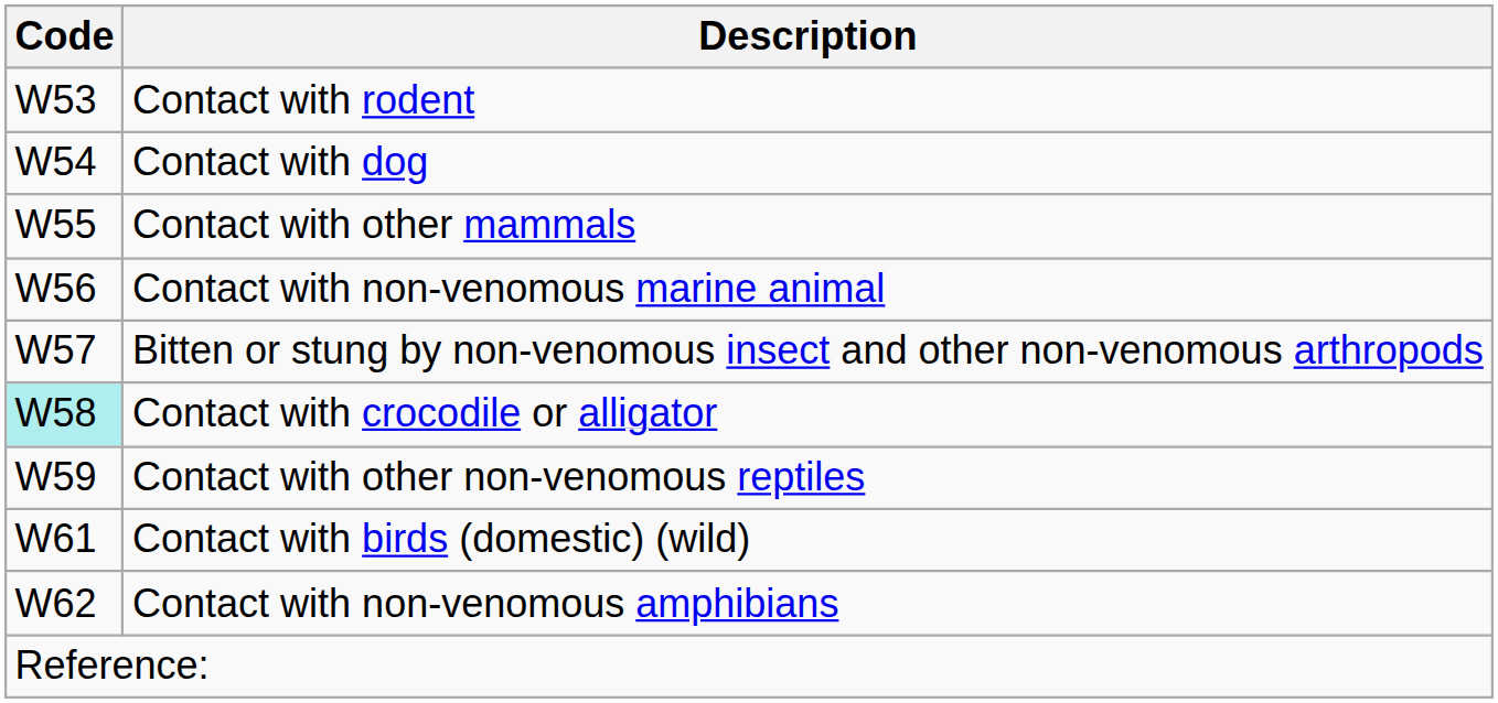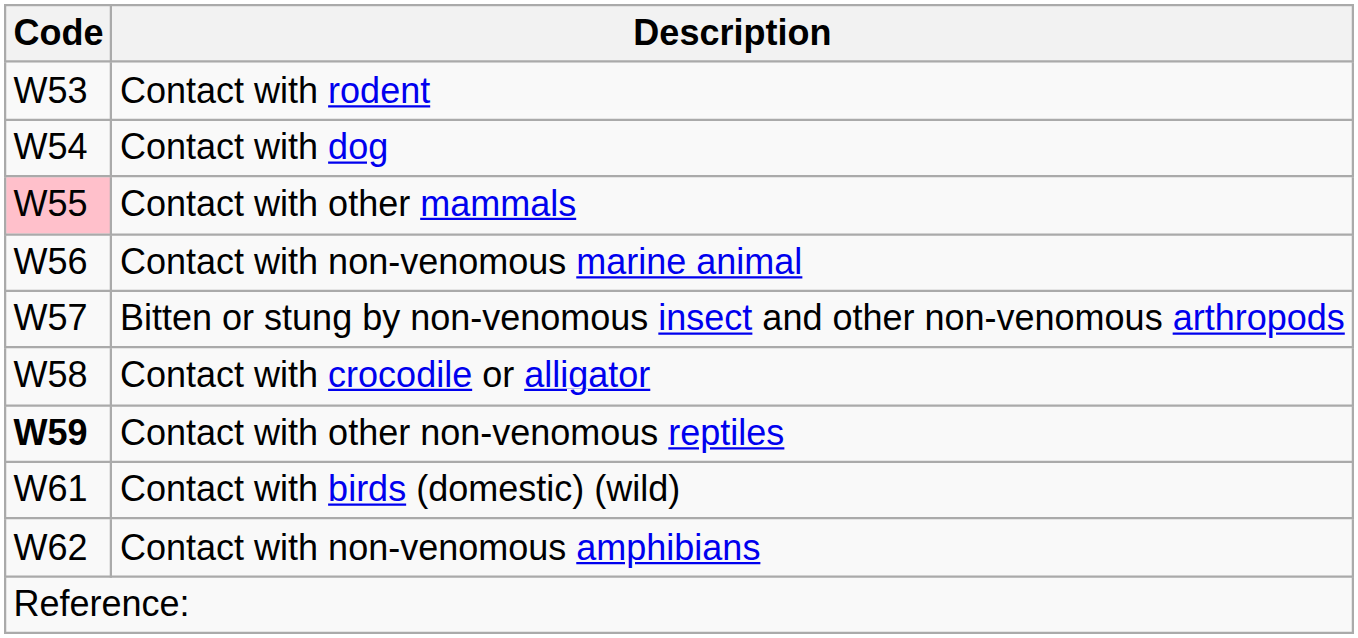 <table class="wikitable">
 <tr>
 <th>Code</th>
 <th>Description</th>
 </tr>
 <tr>
 <td>W53</td>
 <td>Contact with <a href='#'>rodent</a></td>
 </tr>
 <tr>
 <td>W54</td>
 <td>Contact with <a href='#'>dog</a></td>
 </tr>
 <tr>
-<td>W55</td>
+<td style="background: pink;">W55</td>
 <td>Contact with other <a href='#'>mammals</a></td>
 </tr>
 <tr>
 <td>W56</td>
 <td>Contact with non-venomous <a href='#'>marine animal</a></td>
 </tr>
 <tr>
 <td>W57</td>
 <td>Bitten or stung by non-venomous <a href='#'>insect</a> and other non-venomous <a href='#'>arthropods</a></td>
 </tr>
 <tr>
-<td style="background: paleturquoise;">W58</td>
+<td>W58</td>
 <td>Contact with <a href='#'>crocodile</a> or <a href='#'>alligator</a></td>
 </tr>
 <tr>
-<td>W59</td>
+<td><strong>W59</strong></td>
 <td>Contact with other non-venomous <a href='#'>reptiles</a></td>
 </tr>
 <tr>
 <td>W61</td>
 <td>Contact with <a href='#'>birds</a> (domestic) (wild)</td>
 </tr>
 <tr>
 <td>W62</td>
 <td>Contact with non-venomous <a href='#'>amphibians</a></td>
 </tr>
 <tr>
 <td colspan="2">Reference:</td>
 </tr>
 </table>
